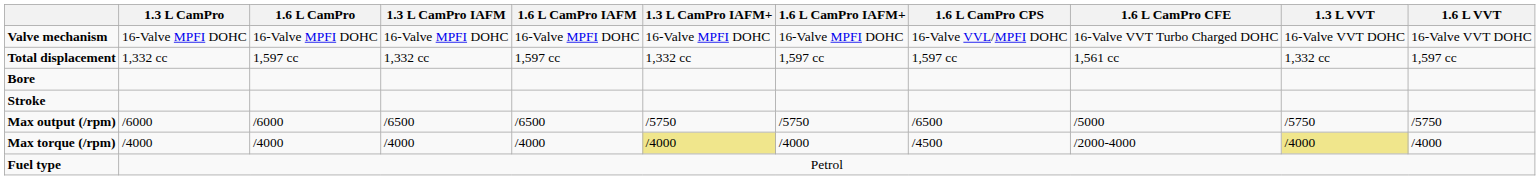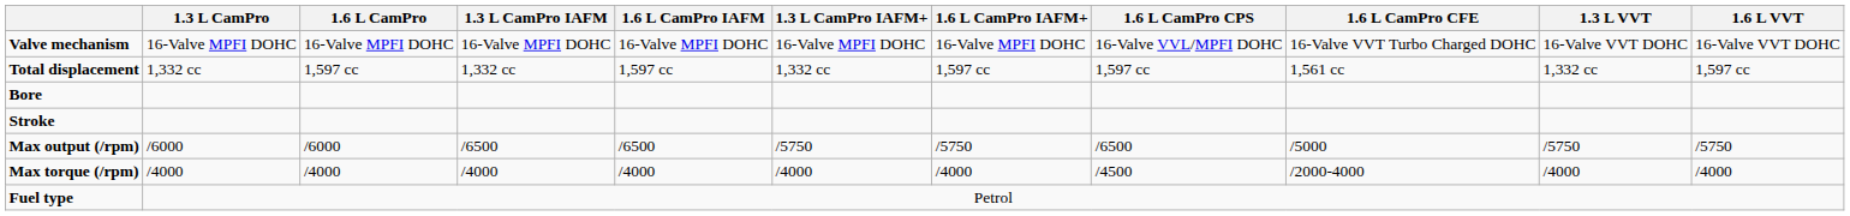 <table class="wikitable">
 <tr>
 <th></th>
 <th>1.3 L CamPro</th>
 <th>1.6 L CamPro</th>
 <th>1.3 L CamPro IAFM</th>
 <th>1.6 L CamPro IAFM</th>
 <th>1.3 L CamPro IAFM+</th>
 <th>1.6 L CamPro IAFM+</th>
 <th>1.6 L CamPro CPS</th>
 <th>1.6 L CamPro CFE</th>
 <th>1.3 L VVT</th>
 <th>1.6 L VVT</th>
 </tr>
 <tr>
 <td><strong>Valve mechanism</strong></td>
 <td>16-Valve <a href='#'>MPFI</a> DOHC</td>
 <td>16-Valve <a href='#'>MPFI</a> DOHC</td>
 <td>16-Valve <a href='#'>MPFI</a> DOHC</td>
 <td>16-Valve <a href='#'>MPFI</a> DOHC</td>
 <td>16-Valve <a href='#'>MPFI</a> DOHC</td>
 <td>16-Valve <a href='#'>MPFI</a> DOHC</td>
 <td>16-Valve <a href='#'>VVL</a>/<a href='#'>MPFI</a> DOHC</td>
 <td>16-Valve VVT Turbo Charged DOHC</td>
 <td>16-Valve VVT DOHC</td>
 <td>16-Valve VVT DOHC</td>
 </tr>
 <tr>
 <td><strong>Total displacement</strong></td>
 <td>1,332 cc</td>
 <td>1,597 cc</td>
 <td>1,332 cc</td>
 <td>1,597 cc</td>
 <td>1,332 cc</td>
 <td>1,597 cc</td>
 <td>1,597 cc</td>
 <td>1,561 cc</td>
 <td>1,332 cc</td>
 <td>1,597 cc</td>
 </tr>
 <tr>
 <td><strong>Bore</strong></td>
 <td></td>
 <td></td>
 <td></td>
 <td></td>
 <td></td>
 <td></td>
 <td></td>
 <td></td>
 <td></td>
 <td></td>
 </tr>
 <tr>
 <td><strong>Stroke</strong></td>
 <td></td>
 <td></td>
 <td></td>
 <td></td>
 <td></td>
 <td></td>
 <td></td>
 <td></td>
 <td></td>
 <td></td>
 </tr>
 <tr>
 <td><strong>Max output (/rpm)</strong></td>
 <td> /6000</td>
 <td> /6000</td>
 <td> /6500</td>
 <td> /6500</td>
 <td> /5750</td>
 <td> /5750</td>
 <td> /6500</td>
 <td> /5000</td>
 <td> /5750</td>
 <td> /5750</td>
 </tr>
 <tr>
 <td><strong>Max torque (/rpm)</strong></td>
 <td> /4000</td>
 <td> /4000</td>
 <td> /4000</td>
 <td> /4000</td>
-<td style="background: khaki;"> /4000</td>
+<td> /4000</td>
 <td> /4000</td>
 <td> /4500</td>
 <td> /2000-4000</td>
-<td style="background: khaki;"> /4000</td>
+<td> /4000</td>
 <td> /4000</td>
 </tr>
 <tr>
 <td><strong>Fuel type</strong></td>
 <td colspan=10 style="text-align:center;">Petrol</td>
 </tr>
 </table>
